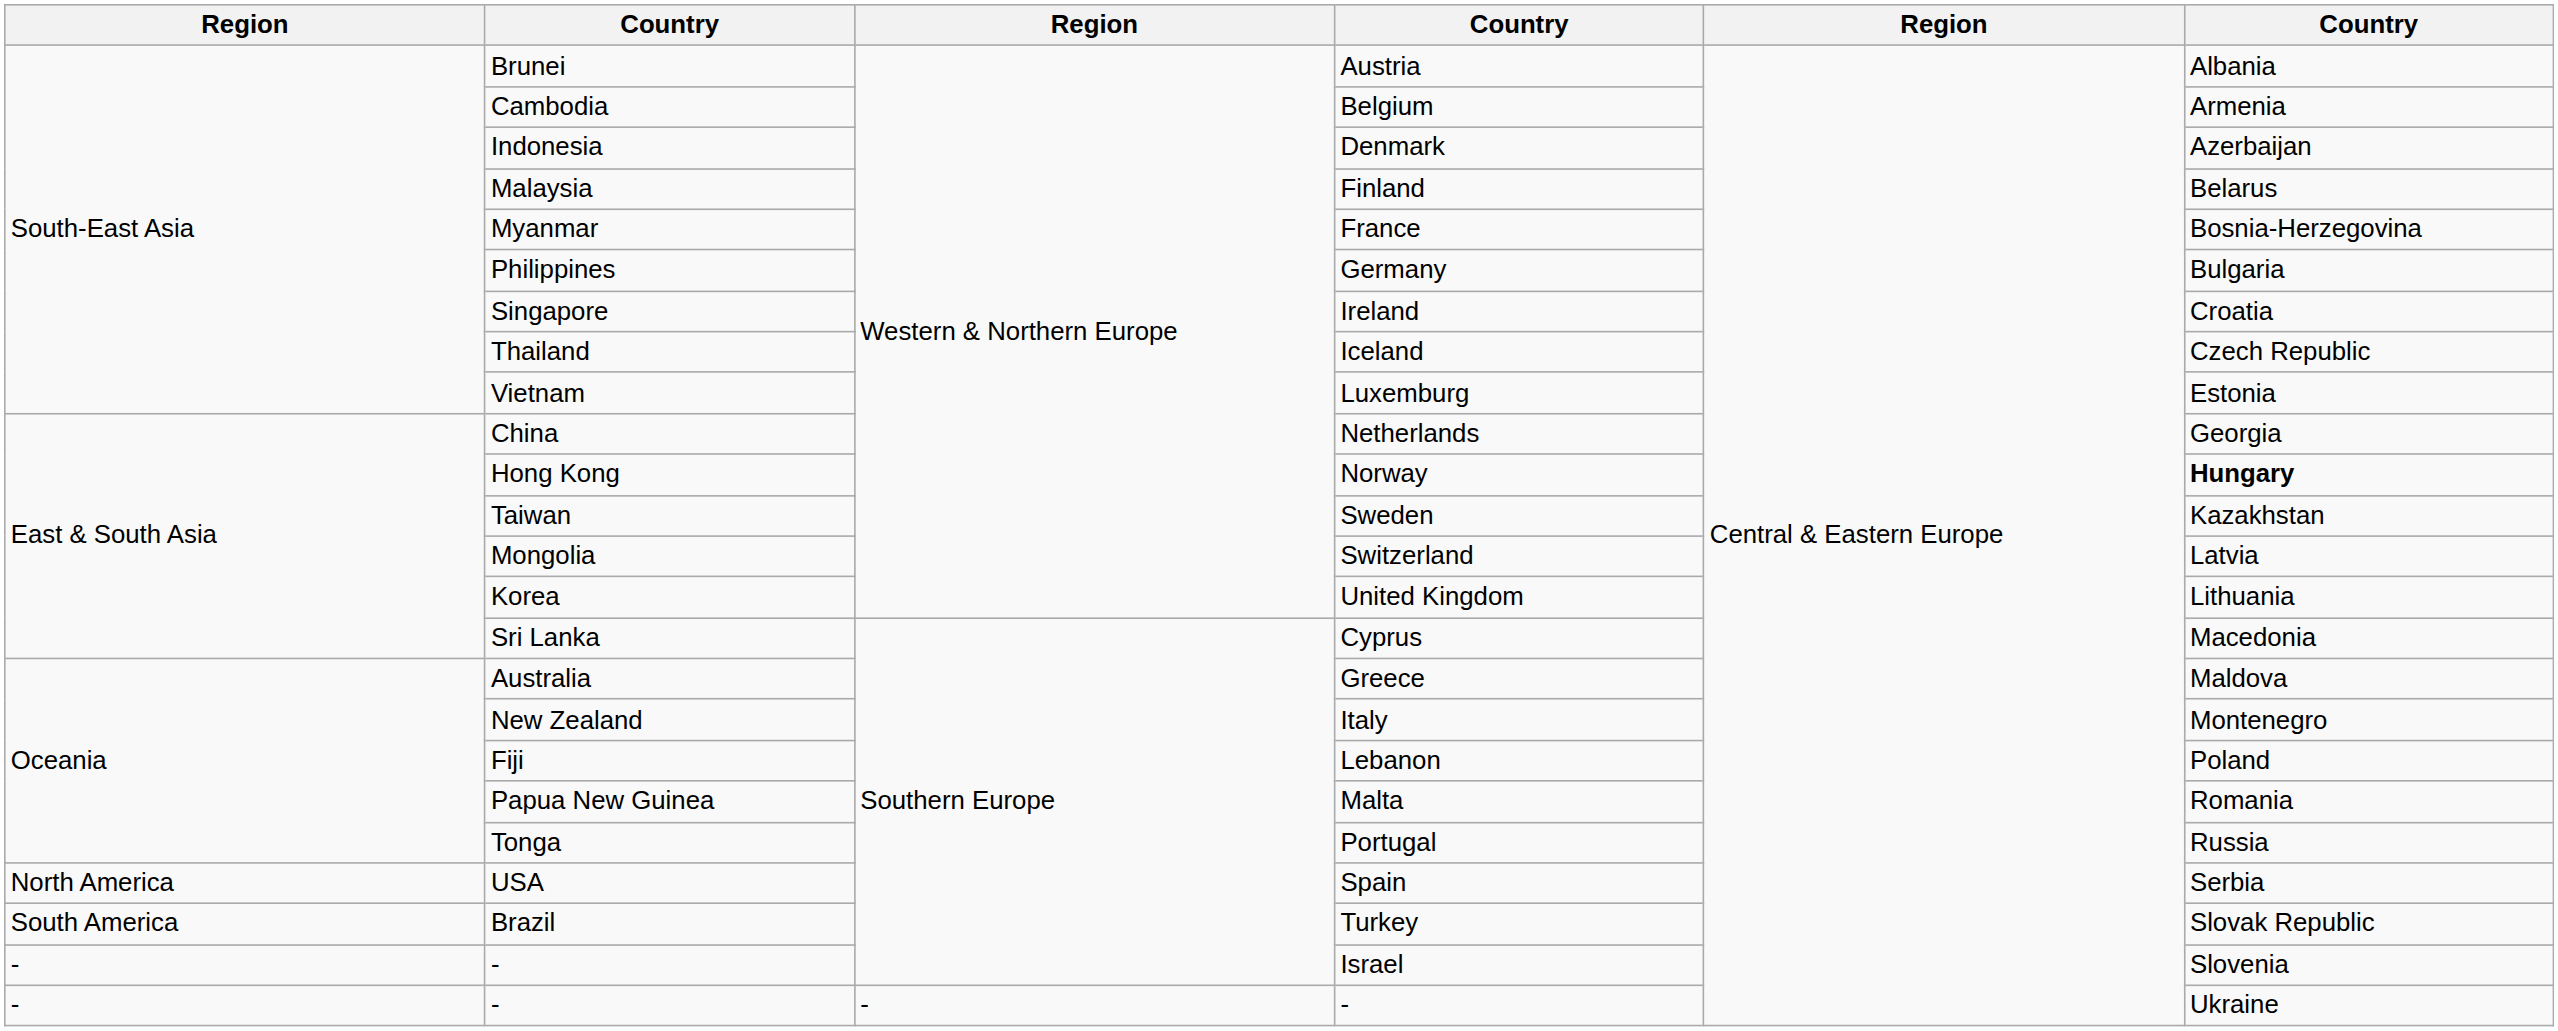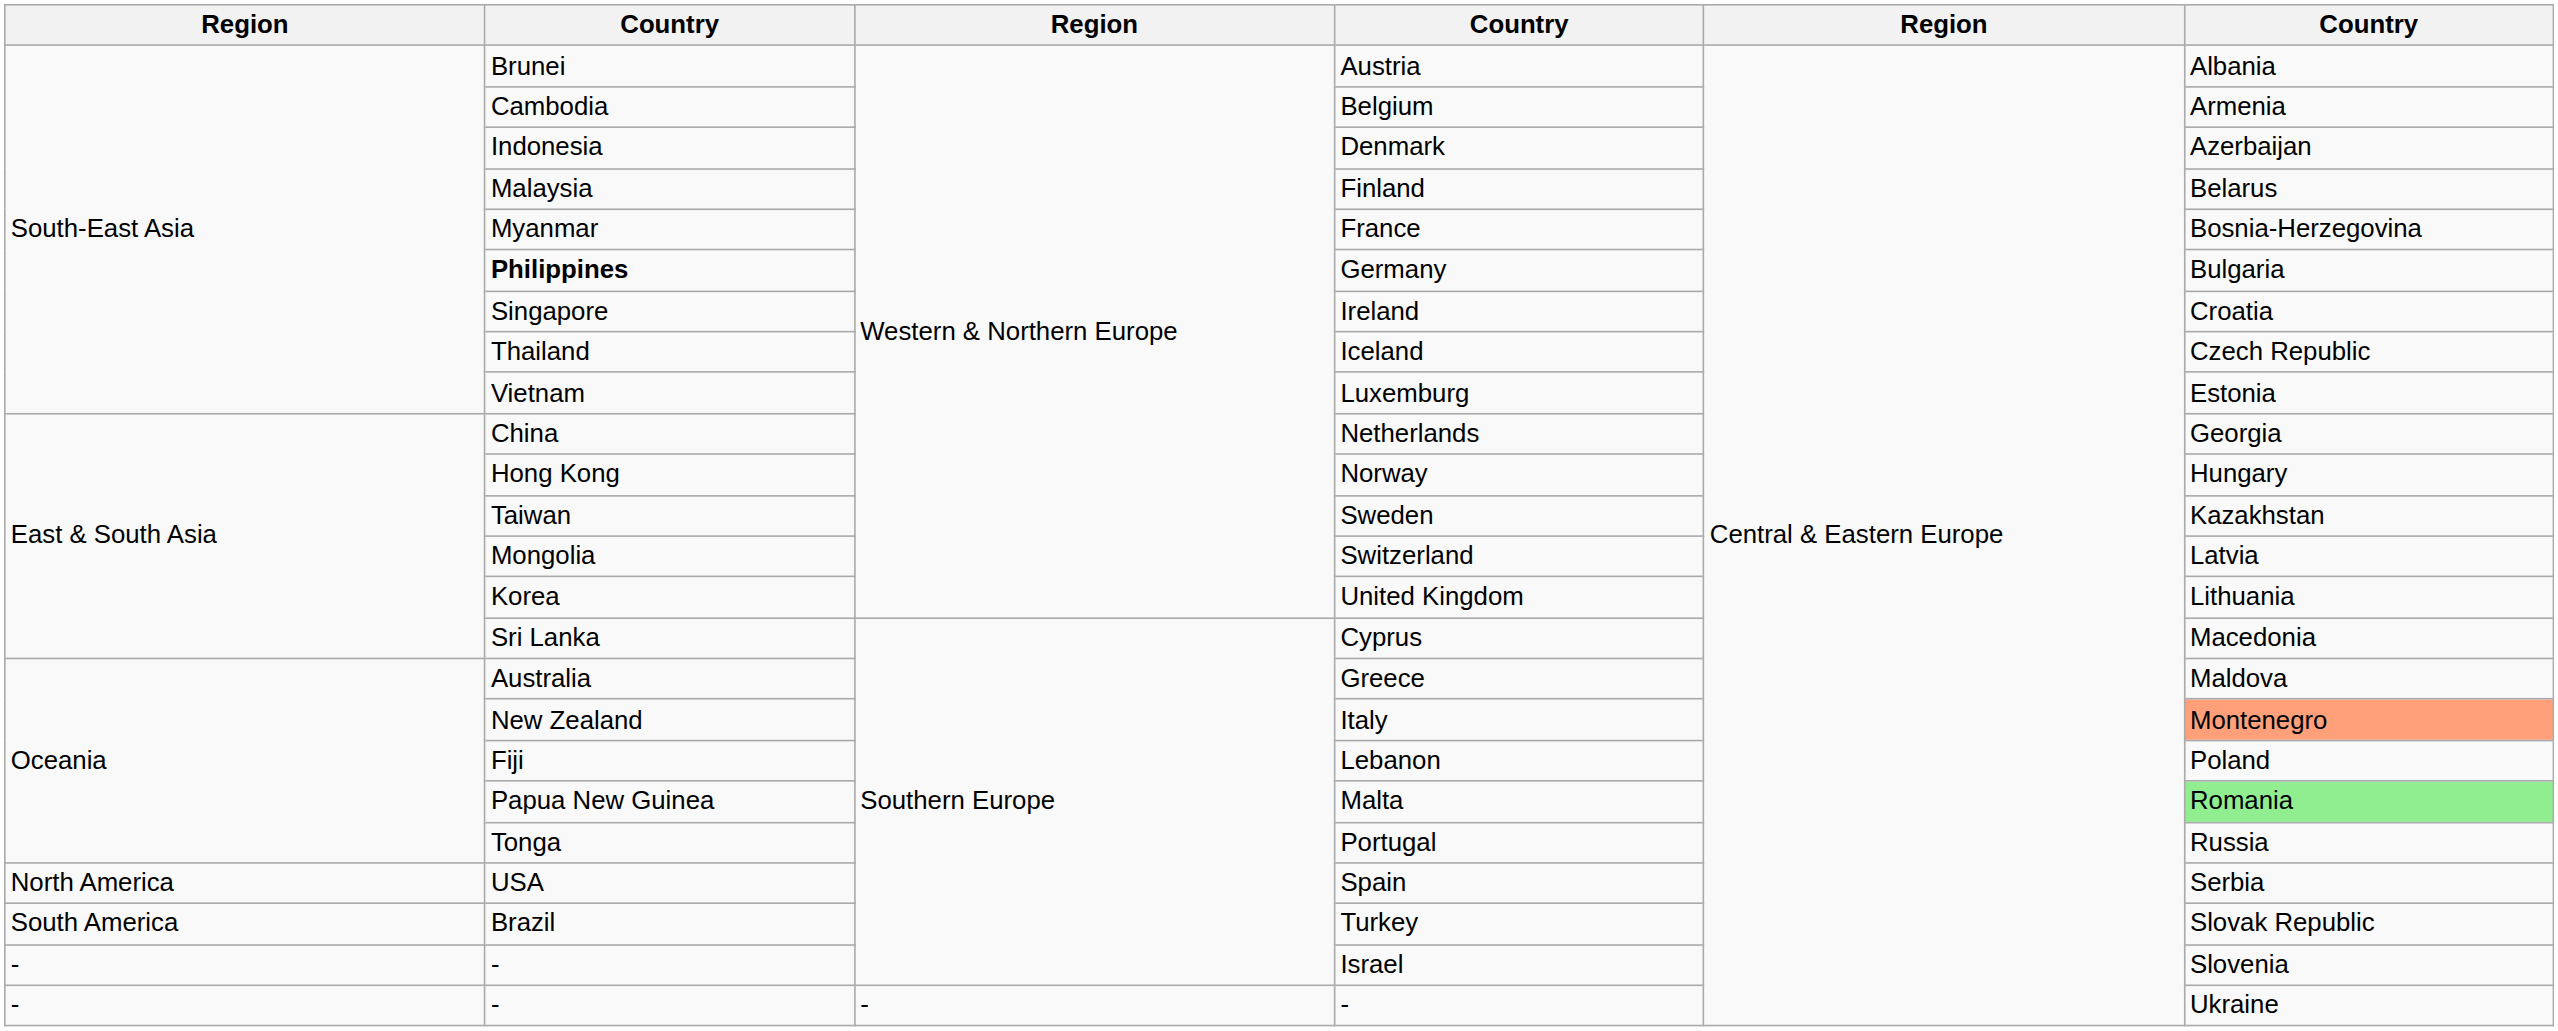 <table class="wikitable" style= "text-align: left; Width:100%">
 <tr>
 <th width=13%>Region</th>
 <th width=10%>Country</th>
 <th width=13%>Region</th>
 <th width=10%>Country</th>
 <th width=13%>Region</th>
 <th width=10%>Country</th>
 </tr>
 <tr>
 <td rowspan="9">South-East Asia</td>
 <td>Brunei</td>
 <td rowspan="14">Western & Northern Europe</td>
 <td>Austria</td>
 <td rowspan="24">Central & Eastern Europe</td>
 <td>Albania</td>
 </tr>
 <tr>
 <td>Cambodia</td>
 <td>Belgium</td>
 <td>Armenia</td>
 </tr>
 <tr>
 <td>Indonesia</td>
 <td>Denmark</td>
 <td>Azerbaijan</td>
 </tr>
 <tr>
 <td>Malaysia</td>
 <td>Finland</td>
 <td>Belarus</td>
 </tr>
 <tr>
 <td>Myanmar</td>
 <td>France</td>
 <td>Bosnia-Herzegovina</td>
 </tr>
 <tr>
-<td>Philippines</td>
+<td><strong>Philippines</strong></td>
 <td>Germany</td>
 <td>Bulgaria</td>
 </tr>
 <tr>
 <td>Singapore</td>
 <td>Ireland</td>
 <td>Croatia</td>
 </tr>
 <tr>
 <td>Thailand</td>
 <td>Iceland</td>
 <td>Czech Republic</td>
 </tr>
 <tr>
 <td>Vietnam</td>
 <td>Luxemburg</td>
 <td>Estonia</td>
 </tr>
 <tr>
 <td rowspan="6">East & South Asia</td>
 <td>China</td>
 <td>Netherlands</td>
 <td>Georgia</td>
 </tr>
 <tr>
 <td>Hong Kong</td>
 <td>Norway</td>
-<td><strong>Hungary</strong></td>
+<td>Hungary</td>
 </tr>
 <tr>
 <td>Taiwan</td>
 <td>Sweden</td>
 <td>Kazakhstan</td>
 </tr>
 <tr>
 <td>Mongolia</td>
 <td>Switzerland</td>
 <td>Latvia</td>
 </tr>
 <tr>
 <td>Korea</td>
 <td>United Kingdom</td>
 <td>Lithuania</td>
 </tr>
 <tr>
 <td>Sri Lanka</td>
 <td rowspan="9">Southern Europe</td>
 <td>Cyprus</td>
 <td>Macedonia</td>
 </tr>
 <tr>
 <td rowspan="5">Oceania</td>
 <td>Australia</td>
 <td>Greece</td>
 <td>Maldova</td>
 </tr>
 <tr>
 <td>New Zealand</td>
 <td>Italy</td>
-<td>Montenegro</td>
+<td style="background: lightsalmon;">Montenegro</td>
 </tr>
 <tr>
 <td>Fiji</td>
 <td>Lebanon</td>
 <td>Poland</td>
 </tr>
 <tr>
 <td>Papua New Guinea</td>
 <td>Malta</td>
-<td>Romania</td>
+<td style="background: lightgreen;">Romania</td>
 </tr>
 <tr>
 <td>Tonga</td>
 <td>Portugal</td>
 <td>Russia</td>
 </tr>
 <tr>
 <td>North America</td>
 <td>USA</td>
 <td>Spain</td>
 <td>Serbia</td>
 </tr>
 <tr>
 <td>South America</td>
 <td>Brazil</td>
 <td>Turkey</td>
 <td>Slovak Republic</td>
 </tr>
 <tr>
 <td>-</td>
 <td>-</td>
 <td>Israel</td>
 <td>Slovenia</td>
 </tr>
 <tr>
 <td>-</td>
 <td>-</td>
 <td>-</td>
 <td>-</td>
 <td>Ukraine</td>
 </tr>
 </table>
